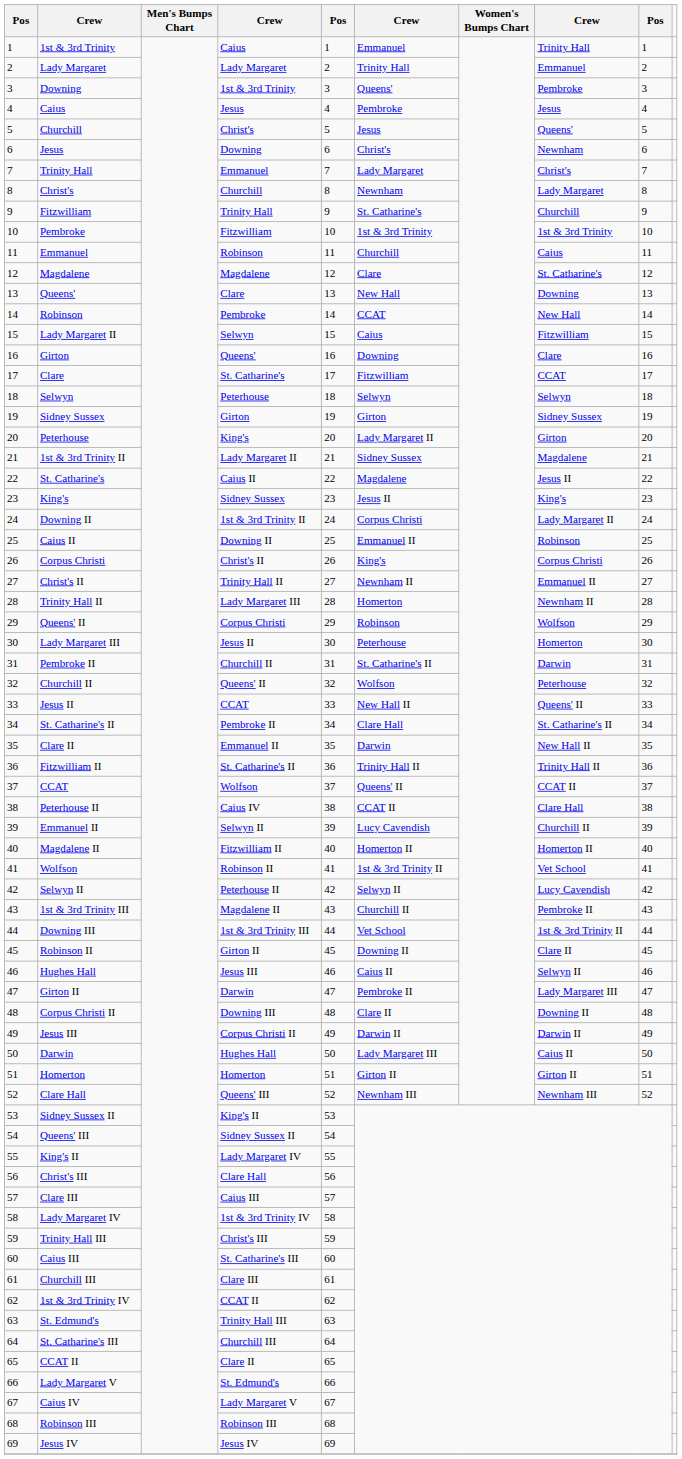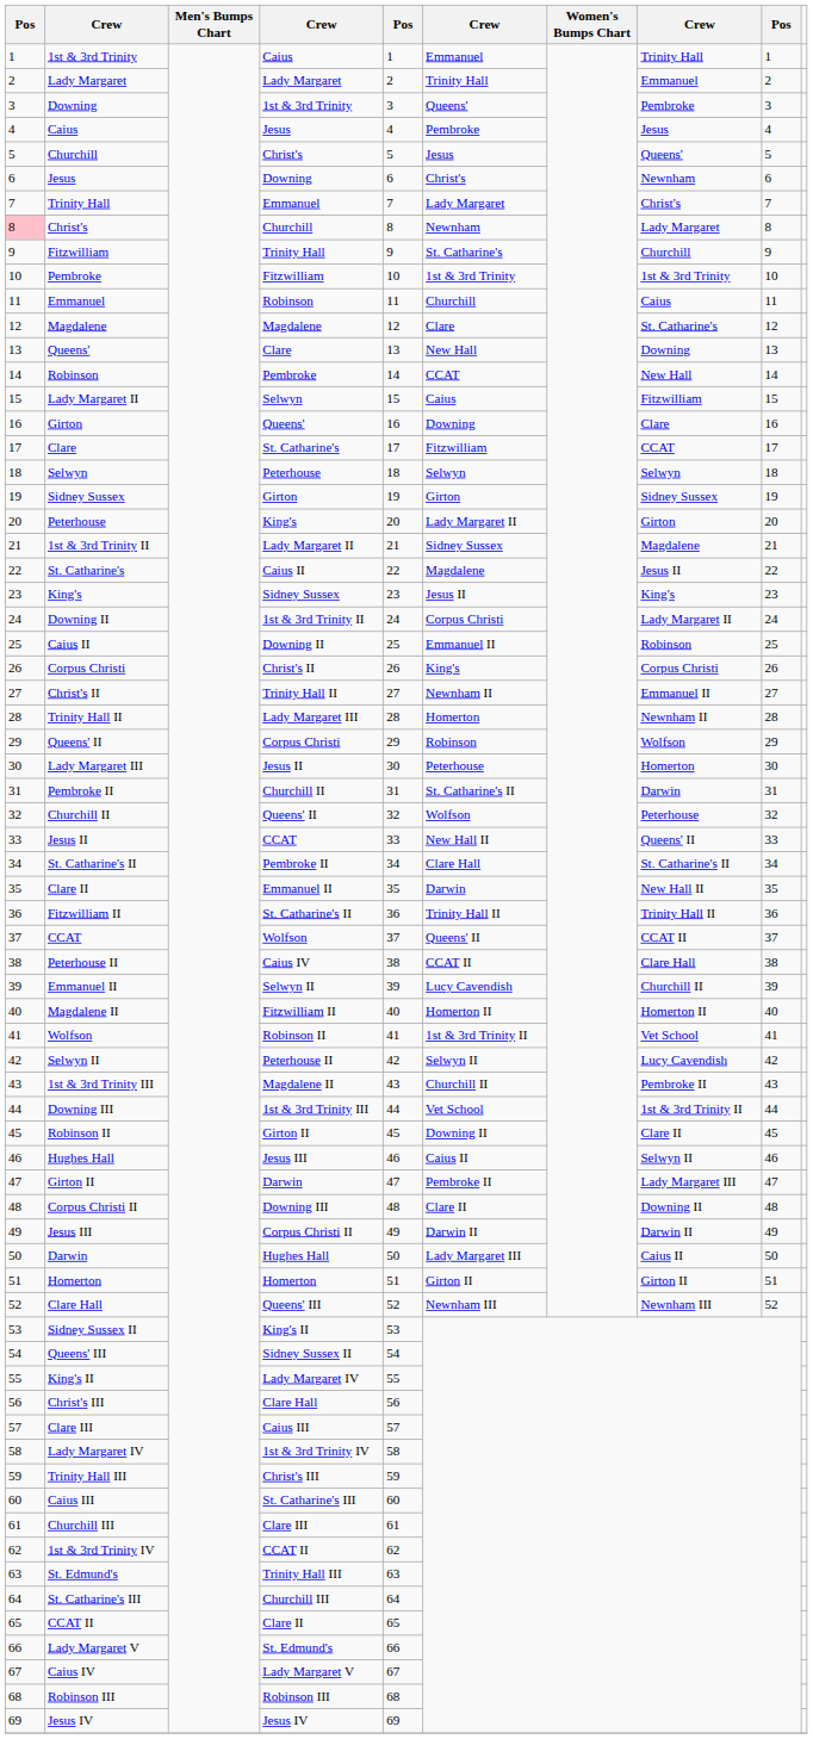 <table class="wikitable" style="font-size:88%; white-space:nowrap; margin:0.5em auto">
 <tr style="white-space:normal">
 <th width=35>Pos</th>
 <th width=125>Crew</th>
 <th width=90>Men's Bumps Chart</th>
 <th width=125>Crew</th>
 <th width=35>Pos</th>
 <th width=125>Crew</th>
 <th width=90>Women's Bumps Chart</th>
 <th width=125>Crew</th>
 <th width=35>Pos</th>
 </tr>
 <tr style="height:26px">
 <td>1</td>
 <td><a href='#'>1st & 3rd Trinity</a></td>
 <td rowspan="69"></td>
 <td><a href='#'>Caius</a></td>
 <td>1</td>
 <td><a href='#'>Emmanuel</a></td>
 <td rowspan="52"></td>
 <td><a href='#'>Trinity Hall</a></td>
 <td>1</td>
 <td></td>
 </tr>
 <tr style="height:26px">
 <td>2</td>
 <td><a href='#'>Lady Margaret</a></td>
 <td><a href='#'>Lady Margaret</a></td>
 <td>2</td>
 <td><a href='#'>Trinity Hall</a></td>
 <td><a href='#'>Emmanuel</a></td>
 <td>2</td>
 <td></td>
 </tr>
 <tr style="height:26px">
 <td>3</td>
 <td><a href='#'>Downing</a></td>
 <td><a href='#'>1st & 3rd Trinity</a></td>
 <td>3</td>
 <td><a href='#'>Queens'</a></td>
 <td><a href='#'>Pembroke</a></td>
 <td>3</td>
 <td></td>
 </tr>
 <tr style="height:26px">
 <td>4</td>
 <td><a href='#'>Caius</a></td>
 <td><a href='#'>Jesus</a></td>
 <td>4</td>
 <td><a href='#'>Pembroke</a></td>
 <td><a href='#'>Jesus</a></td>
 <td>4</td>
 <td></td>
 </tr>
 <tr style="height:26px">
 <td>5</td>
 <td><a href='#'>Churchill</a></td>
 <td><a href='#'>Christ's</a></td>
 <td>5</td>
 <td><a href='#'>Jesus</a></td>
 <td><a href='#'>Queens'</a></td>
 <td>5</td>
 <td></td>
 </tr>
 <tr style="height:26px">
 <td>6</td>
 <td><a href='#'>Jesus</a></td>
 <td><a href='#'>Downing</a></td>
 <td>6</td>
 <td><a href='#'>Christ's</a></td>
 <td><a href='#'>Newnham</a></td>
 <td>6</td>
 <td></td>
 </tr>
 <tr style="height:26px">
 <td>7</td>
 <td><a href='#'>Trinity Hall</a></td>
 <td><a href='#'>Emmanuel</a></td>
 <td>7</td>
 <td><a href='#'>Lady Margaret</a></td>
 <td><a href='#'>Christ's</a></td>
 <td>7</td>
 <td></td>
 </tr>
 <tr style="height:26px">
-<td>8</td>
+<td style="background: pink;">8</td>
 <td><a href='#'>Christ's</a></td>
 <td><a href='#'>Churchill</a></td>
 <td>8</td>
 <td><a href='#'>Newnham</a></td>
 <td><a href='#'>Lady Margaret</a></td>
 <td>8</td>
 <td></td>
 </tr>
 <tr style="height:26px">
 <td>9</td>
 <td><a href='#'>Fitzwilliam</a></td>
 <td><a href='#'>Trinity Hall</a></td>
 <td>9</td>
 <td><a href='#'>St. Catharine's</a></td>
 <td><a href='#'>Churchill</a></td>
 <td>9</td>
 <td></td>
 </tr>
 <tr style="height:26px">
 <td>10</td>
 <td><a href='#'>Pembroke</a></td>
 <td><a href='#'>Fitzwilliam</a></td>
 <td>10</td>
 <td><a href='#'>1st & 3rd Trinity</a></td>
 <td><a href='#'>1st & 3rd Trinity</a></td>
 <td>10</td>
 <td></td>
 </tr>
 <tr style="height:26px">
 <td>11</td>
 <td><a href='#'>Emmanuel</a></td>
 <td><a href='#'>Robinson</a></td>
 <td>11</td>
 <td><a href='#'>Churchill</a></td>
 <td><a href='#'>Caius</a></td>
 <td>11</td>
 <td></td>
 </tr>
 <tr style="height:26px">
 <td>12</td>
 <td><a href='#'>Magdalene</a></td>
 <td><a href='#'>Magdalene</a></td>
 <td>12</td>
 <td><a href='#'>Clare</a></td>
 <td><a href='#'>St. Catharine's</a></td>
 <td>12</td>
 <td></td>
 </tr>
 <tr style="height:26px">
 <td>13</td>
 <td><a href='#'>Queens'</a></td>
 <td><a href='#'>Clare</a></td>
 <td>13</td>
 <td><a href='#'>New Hall</a></td>
 <td><a href='#'>Downing</a></td>
 <td>13</td>
 <td></td>
 </tr>
 <tr style="height:26px">
 <td>14</td>
 <td><a href='#'>Robinson</a></td>
 <td><a href='#'>Pembroke</a></td>
 <td>14</td>
 <td><a href='#'>CCAT</a></td>
 <td><a href='#'>New Hall</a></td>
 <td>14</td>
 <td></td>
 </tr>
 <tr style="height:26px">
 <td>15</td>
 <td><a href='#'>Lady Margaret</a> II</td>
 <td><a href='#'>Selwyn</a></td>
 <td>15</td>
 <td><a href='#'>Caius</a></td>
 <td><a href='#'>Fitzwilliam</a></td>
 <td>15</td>
 <td></td>
 </tr>
 <tr style="height:26px">
 <td>16</td>
 <td><a href='#'>Girton</a></td>
 <td><a href='#'>Queens'</a></td>
 <td>16</td>
 <td><a href='#'>Downing</a></td>
 <td><a href='#'>Clare</a></td>
 <td>16</td>
 <td></td>
 </tr>
 <tr style="height:26px">
 <td>17</td>
 <td><a href='#'>Clare</a></td>
 <td><a href='#'>St. Catharine's</a></td>
 <td>17</td>
 <td><a href='#'>Fitzwilliam</a></td>
 <td><a href='#'>CCAT</a></td>
 <td>17</td>
 <td></td>
 </tr>
 <tr style="height:26px">
 <td>18</td>
 <td><a href='#'>Selwyn</a></td>
 <td><a href='#'>Peterhouse</a></td>
 <td>18</td>
 <td><a href='#'>Selwyn</a></td>
 <td><a href='#'>Selwyn</a></td>
 <td>18</td>
 <td></td>
 </tr>
 <tr style="height:26px">
 <td>19</td>
 <td><a href='#'>Sidney Sussex</a></td>
 <td><a href='#'>Girton</a></td>
 <td>19</td>
 <td><a href='#'>Girton</a></td>
 <td><a href='#'>Sidney Sussex</a></td>
 <td>19</td>
 <td></td>
 </tr>
 <tr style="height:26px">
 <td>20</td>
 <td><a href='#'>Peterhouse</a></td>
 <td><a href='#'>King's</a></td>
 <td>20</td>
 <td><a href='#'>Lady Margaret</a> II</td>
 <td><a href='#'>Girton</a></td>
 <td>20</td>
 <td></td>
 </tr>
 <tr style="height:26px">
 <td>21</td>
 <td><a href='#'>1st & 3rd Trinity</a> II</td>
 <td><a href='#'>Lady Margaret</a> II</td>
 <td>21</td>
 <td><a href='#'>Sidney Sussex</a></td>
 <td><a href='#'>Magdalene</a></td>
 <td>21</td>
 <td></td>
 </tr>
 <tr style="height:26px">
 <td>22</td>
 <td><a href='#'>St. Catharine's</a></td>
 <td><a href='#'>Caius</a> II</td>
 <td>22</td>
 <td><a href='#'>Magdalene</a></td>
 <td><a href='#'>Jesus</a> II</td>
 <td>22</td>
 <td></td>
 </tr>
 <tr style="height:26px">
 <td>23</td>
 <td><a href='#'>King's</a></td>
 <td><a href='#'>Sidney Sussex</a></td>
 <td>23</td>
 <td><a href='#'>Jesus</a> II</td>
 <td><a href='#'>King's</a></td>
 <td>23</td>
 <td></td>
 </tr>
 <tr style="height:26px">
 <td>24</td>
 <td><a href='#'>Downing</a> II</td>
 <td><a href='#'>1st & 3rd Trinity</a> II</td>
 <td>24</td>
 <td><a href='#'>Corpus Christi</a></td>
 <td><a href='#'>Lady Margaret</a> II</td>
 <td>24</td>
 <td></td>
 </tr>
 <tr style="height:26px">
 <td>25</td>
 <td><a href='#'>Caius</a> II</td>
 <td><a href='#'>Downing</a> II</td>
 <td>25</td>
 <td><a href='#'>Emmanuel</a> II</td>
 <td><a href='#'>Robinson</a></td>
 <td>25</td>
 <td></td>
 </tr>
 <tr style="height:26px">
 <td>26</td>
 <td><a href='#'>Corpus Christi</a></td>
 <td><a href='#'>Christ's</a> II</td>
 <td>26</td>
 <td><a href='#'>King's</a></td>
 <td><a href='#'>Corpus Christi</a></td>
 <td>26</td>
 <td></td>
 </tr>
 <tr style="height:26px">
 <td>27</td>
 <td><a href='#'>Christ's</a> II</td>
 <td><a href='#'>Trinity Hall</a> II</td>
 <td>27</td>
 <td><a href='#'>Newnham</a> II</td>
 <td><a href='#'>Emmanuel</a> II</td>
 <td>27</td>
 <td></td>
 </tr>
 <tr style="height:26px">
 <td>28</td>
 <td><a href='#'>Trinity Hall</a> II</td>
 <td><a href='#'>Lady Margaret</a> III</td>
 <td>28</td>
 <td><a href='#'>Homerton</a></td>
 <td><a href='#'>Newnham</a> II</td>
 <td>28</td>
 <td></td>
 </tr>
 <tr style="height:26px">
 <td>29</td>
 <td><a href='#'>Queens'</a> II</td>
 <td><a href='#'>Corpus Christi</a></td>
 <td>29</td>
 <td><a href='#'>Robinson</a></td>
 <td><a href='#'>Wolfson</a></td>
 <td>29</td>
 <td></td>
 </tr>
 <tr style="height:26px">
 <td>30</td>
 <td><a href='#'>Lady Margaret</a> III</td>
 <td><a href='#'>Jesus</a> II</td>
 <td>30</td>
 <td><a href='#'>Peterhouse</a></td>
 <td><a href='#'>Homerton</a></td>
 <td>30</td>
 <td></td>
 </tr>
 <tr style="height:26px">
 <td>31</td>
 <td><a href='#'>Pembroke</a> II</td>
 <td><a href='#'>Churchill</a> II</td>
 <td>31</td>
 <td><a href='#'>St. Catharine's</a> II</td>
 <td><a href='#'>Darwin</a></td>
 <td>31</td>
 <td></td>
 </tr>
 <tr style="height:26px">
 <td>32</td>
 <td><a href='#'>Churchill</a> II</td>
 <td><a href='#'>Queens'</a> II</td>
 <td>32</td>
 <td><a href='#'>Wolfson</a></td>
 <td><a href='#'>Peterhouse</a></td>
 <td>32</td>
 <td></td>
 </tr>
 <tr style="height:26px">
 <td>33</td>
 <td><a href='#'>Jesus</a> II</td>
 <td><a href='#'>CCAT</a></td>
 <td>33</td>
 <td><a href='#'>New Hall</a> II</td>
 <td><a href='#'>Queens'</a> II</td>
 <td>33</td>
 <td></td>
 </tr>
 <tr style="height:26px">
 <td>34</td>
 <td><a href='#'>St. Catharine's</a> II</td>
 <td><a href='#'>Pembroke</a> II</td>
 <td>34</td>
 <td><a href='#'>Clare Hall</a></td>
 <td><a href='#'>St. Catharine's</a> II</td>
 <td>34</td>
 <td></td>
 </tr>
 <tr style="height:26px">
 <td>35</td>
 <td><a href='#'>Clare</a> II</td>
 <td><a href='#'>Emmanuel</a> II</td>
 <td>35</td>
 <td><a href='#'>Darwin</a></td>
 <td><a href='#'>New Hall</a> II</td>
 <td>35</td>
 <td></td>
 </tr>
 <tr style="height:26px">
 <td>36</td>
 <td><a href='#'>Fitzwilliam</a> II</td>
 <td><a href='#'>St. Catharine's</a> II</td>
 <td>36</td>
 <td><a href='#'>Trinity Hall</a> II</td>
 <td><a href='#'>Trinity Hall</a> II</td>
 <td>36</td>
 <td></td>
 </tr>
 <tr style="height:26px">
 <td>37</td>
 <td><a href='#'>CCAT</a></td>
 <td><a href='#'>Wolfson</a></td>
 <td>37</td>
 <td><a href='#'>Queens'</a> II</td>
 <td><a href='#'>CCAT</a> II</td>
 <td>37</td>
 <td></td>
 </tr>
 <tr style="height:26px">
 <td>38</td>
 <td><a href='#'>Peterhouse</a> II</td>
 <td><a href='#'>Caius</a> IV</td>
 <td>38</td>
 <td><a href='#'>CCAT</a> II</td>
 <td><a href='#'>Clare Hall</a></td>
 <td>38</td>
 <td></td>
 </tr>
 <tr style="height:26px">
 <td>39</td>
 <td><a href='#'>Emmanuel</a> II</td>
 <td><a href='#'>Selwyn</a> II</td>
 <td>39</td>
 <td><a href='#'>Lucy Cavendish</a></td>
 <td><a href='#'>Churchill</a> II</td>
 <td>39</td>
 <td></td>
 </tr>
 <tr style="height:26px">
 <td>40</td>
 <td><a href='#'>Magdalene</a> II</td>
 <td><a href='#'>Fitzwilliam</a> II</td>
 <td>40</td>
 <td><a href='#'>Homerton</a> II</td>
 <td><a href='#'>Homerton</a> II</td>
 <td>40</td>
 <td></td>
 </tr>
 <tr style="height:26px">
 <td>41</td>
 <td><a href='#'>Wolfson</a></td>
 <td><a href='#'>Robinson</a> II</td>
 <td>41</td>
 <td><a href='#'>1st & 3rd Trinity</a> II</td>
 <td><a href='#'>Vet School</a></td>
 <td>41</td>
 <td></td>
 </tr>
 <tr style="height:26px">
 <td>42</td>
 <td><a href='#'>Selwyn</a> II</td>
 <td><a href='#'>Peterhouse</a> II</td>
 <td>42</td>
 <td><a href='#'>Selwyn</a> II</td>
 <td><a href='#'>Lucy Cavendish</a></td>
 <td>42</td>
 <td></td>
 </tr>
 <tr style="height:26px">
 <td>43</td>
 <td><a href='#'>1st & 3rd Trinity</a> III</td>
 <td><a href='#'>Magdalene</a> II</td>
 <td>43</td>
 <td><a href='#'>Churchill</a> II</td>
 <td><a href='#'>Pembroke</a> II</td>
 <td>43</td>
 <td></td>
 </tr>
 <tr style="height:26px">
 <td>44</td>
 <td><a href='#'>Downing</a> III</td>
 <td><a href='#'>1st & 3rd Trinity</a> III</td>
 <td>44</td>
 <td><a href='#'>Vet School</a></td>
 <td><a href='#'>1st & 3rd Trinity</a> II</td>
 <td>44</td>
 <td></td>
 </tr>
 <tr style="height:26px">
 <td>45</td>
 <td><a href='#'>Robinson</a> II</td>
 <td><a href='#'>Girton</a> II</td>
 <td>45</td>
 <td><a href='#'>Downing</a> II</td>
 <td><a href='#'>Clare</a> II</td>
 <td>45</td>
 <td></td>
 </tr>
 <tr style="height:26px">
 <td>46</td>
 <td><a href='#'>Hughes Hall</a></td>
 <td><a href='#'>Jesus</a> III</td>
 <td>46</td>
 <td><a href='#'>Caius</a> II</td>
 <td><a href='#'>Selwyn</a> II</td>
 <td>46</td>
 <td></td>
 </tr>
 <tr style="height:26px">
 <td>47</td>
 <td><a href='#'>Girton</a> II</td>
 <td><a href='#'>Darwin</a></td>
 <td>47</td>
 <td><a href='#'>Pembroke</a> II</td>
 <td><a href='#'>Lady Margaret</a> III</td>
 <td>47</td>
 <td></td>
 </tr>
 <tr style="height:26px">
 <td>48</td>
 <td><a href='#'>Corpus Christi</a> II</td>
 <td><a href='#'>Downing</a> III</td>
 <td>48</td>
 <td><a href='#'>Clare</a> II</td>
 <td><a href='#'>Downing</a> II</td>
 <td>48</td>
 <td></td>
 </tr>
 <tr style="height:26px">
 <td>49</td>
 <td><a href='#'>Jesus</a> III</td>
 <td><a href='#'>Corpus Christi</a> II</td>
 <td>49</td>
 <td><a href='#'>Darwin</a> II</td>
 <td><a href='#'>Darwin</a> II</td>
 <td>49</td>
 <td></td>
 </tr>
 <tr style="height:26px">
 <td>50</td>
 <td><a href='#'>Darwin</a></td>
 <td><a href='#'>Hughes Hall</a></td>
 <td>50</td>
 <td><a href='#'>Lady Margaret</a> III</td>
 <td><a href='#'>Caius</a> II</td>
 <td>50</td>
 <td></td>
 </tr>
 <tr style="height:26px">
 <td>51</td>
 <td><a href='#'>Homerton</a></td>
 <td><a href='#'>Homerton</a></td>
 <td>51</td>
 <td><a href='#'>Girton</a> II</td>
 <td><a href='#'>Girton</a> II</td>
 <td>51</td>
 <td></td>
 </tr>
 <tr style="height:26px">
 <td>52</td>
 <td><a href='#'>Clare Hall</a></td>
 <td><a href='#'>Queens'</a> III</td>
 <td>52</td>
 <td><a href='#'>Newnham</a> III</td>
 <td><a href='#'>Newnham</a> III</td>
 <td>52</td>
 <td></td>
 </tr>
 <tr style="height:26px">
 <td>53</td>
 <td><a href='#'>Sidney Sussex</a> II</td>
 <td><a href='#'>King's</a> II</td>
 <td>53</td>
 <td colspan="4" rowspan="17"> </td>
 <td></td>
 </tr>
 <tr style="height:26px">
 <td>54</td>
 <td><a href='#'>Queens'</a> III</td>
 <td><a href='#'>Sidney Sussex</a> II</td>
 <td>54</td>
 <td></td>
 </tr>
 <tr style="height:26px">
 <td>55</td>
 <td><a href='#'>King's</a> II</td>
 <td><a href='#'>Lady Margaret</a> IV</td>
 <td>55</td>
 <td></td>
 </tr>
 <tr style="height:26px">
 <td>56</td>
 <td><a href='#'>Christ's</a> III</td>
 <td><a href='#'>Clare Hall</a></td>
 <td>56</td>
 <td></td>
 </tr>
 <tr style="height:26px">
 <td>57</td>
 <td><a href='#'>Clare</a> III</td>
 <td><a href='#'>Caius</a> III</td>
 <td>57</td>
 <td></td>
 </tr>
 <tr style="height:26px">
 <td>58</td>
 <td><a href='#'>Lady Margaret</a> IV</td>
 <td><a href='#'>1st & 3rd Trinity</a> IV</td>
 <td>58</td>
 <td></td>
 </tr>
 <tr style="height:26px">
 <td>59</td>
 <td><a href='#'>Trinity Hall</a> III</td>
 <td><a href='#'>Christ's</a> III</td>
 <td>59</td>
 <td></td>
 </tr>
 <tr style="height:26px">
 <td>60</td>
 <td><a href='#'>Caius</a> III</td>
 <td><a href='#'>St. Catharine's</a> III</td>
 <td>60</td>
 <td></td>
 </tr>
 <tr style="height:26px">
 <td>61</td>
 <td><a href='#'>Churchill</a> III</td>
 <td><a href='#'>Clare</a> III</td>
 <td>61</td>
 <td></td>
 </tr>
 <tr style="height:26px">
 <td>62</td>
 <td><a href='#'>1st & 3rd Trinity</a> IV</td>
 <td><a href='#'>CCAT</a> II</td>
 <td>62</td>
 <td></td>
 </tr>
 <tr style="height:26px">
 <td>63</td>
 <td><a href='#'>St. Edmund's</a></td>
 <td><a href='#'>Trinity Hall</a> III</td>
 <td>63</td>
 <td></td>
 </tr>
 <tr style="height:26px">
 <td>64</td>
 <td><a href='#'>St. Catharine's</a> III</td>
 <td><a href='#'>Churchill</a> III</td>
 <td>64</td>
 <td></td>
 </tr>
 <tr style="height:26px">
 <td>65</td>
 <td><a href='#'>CCAT</a> II</td>
 <td><a href='#'>Clare</a> II</td>
 <td>65</td>
 <td></td>
 </tr>
 <tr style="height:26px">
 <td>66</td>
 <td><a href='#'>Lady Margaret</a> V</td>
 <td><a href='#'>St. Edmund's</a></td>
 <td>66</td>
 <td></td>
 </tr>
 <tr style="height:26px">
 <td>67</td>
 <td><a href='#'>Caius</a> IV</td>
 <td><a href='#'>Lady Margaret</a> V</td>
 <td>67</td>
 <td></td>
 </tr>
 <tr style="height:26px">
 <td>68</td>
 <td><a href='#'>Robinson</a> III</td>
 <td><a href='#'>Robinson</a> III</td>
 <td>68</td>
 <td></td>
 </tr>
 <tr style="height:26px">
 <td>69</td>
 <td><a href='#'>Jesus</a> IV</td>
 <td><a href='#'>Jesus</a> IV</td>
 <td>69</td>
 <td></td>
 </tr>
 <tr>
 </tr>
 </table>
